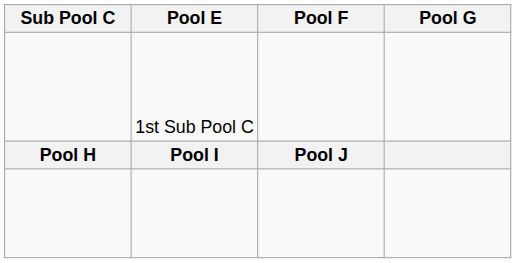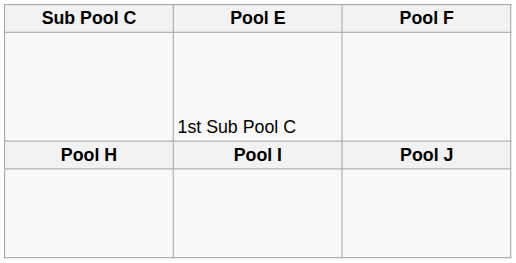 <table class="wikitable">
 <tr>
 <th width=25%>Sub Pool C</th>
 <th width=25%>Pool E</th>
 <th width=25%>Pool F</th>
-<th width=25%>Pool G</th>
 </tr>
 <tr>
 <td valign=top><br><br> </td>
 <td><br><br> <br> <br> 1st Sub Pool C</td>
-<td><br><br> <br> <br> </td>
 <td><br><br> <br> <br> </td>
 </tr>
 <tr>
 <th>Pool H</th>
 <th>Pool I</th>
 <th>Pool J</th>
-<th></th>
 </tr>
 <tr>
 <td><br><br> <br> <br> </td>
 <td><br><br> <br> <br> </td>
 <td><br><br> <br> <br> </td>
-<td></td>
 </tr>
 </table>
